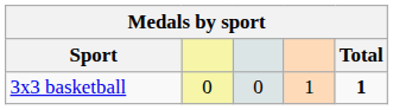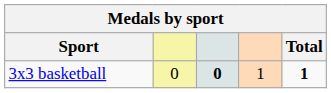 <table class="wikitable" style="font-size:90%; text-align:center;">
 <tr>
 <th colspan="5">Medals by sport</th>
 </tr>
 <tr>
 <th width="120">Sport</th>
 <th scope="col" width="30" style="background:#F7F6A8;"></th>
 <th scope="col" width="30" style="background:#DCE5E5;"></th>
 <th scope="col" width="30" style="background:#FFDAB9;"></th>
 <th width="30">Total</th>
 </tr>
 <tr>
 <td align="left"><a href='#'>3x3 basketball</a></td>
 <td style="background:#F7F6A8;">0</td>
-<td style="background:#DCE5E5;">0</td>
+<td style="background:#DCE5E5;"><strong>0</strong></td>
 <td style="background:#FFDAB9;">1</td>
 <td><strong>1</strong></td>
 </tr>
 </table>
